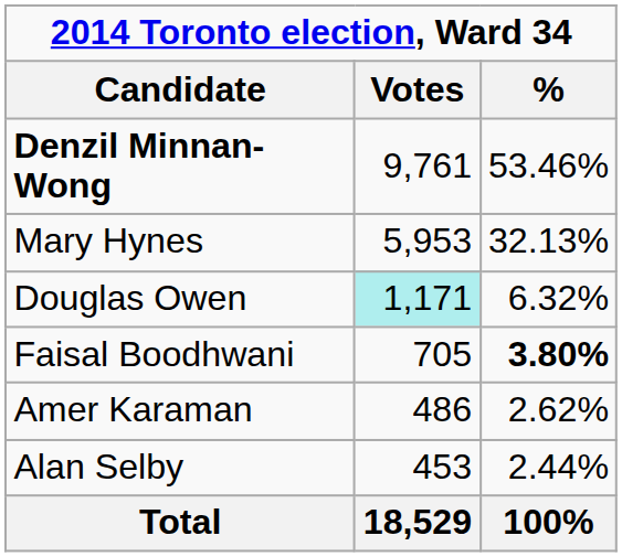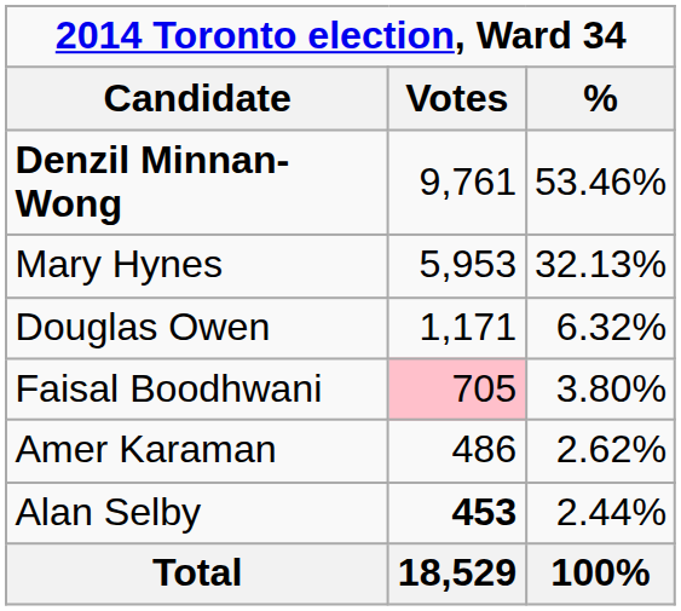 <table class="wikitable">
 <tr>
 <td Colspan="3" align="center"><strong><a href='#'>2014 Toronto election</a>, Ward 34</strong></td>
 </tr>
 <tr>
 <th bgcolor="#DDDDFF" width="150px">Candidate</th>
 <th bgcolor="#DDDDFF">Votes</th>
 <th bgcolor="#DDDDFF">%</th>
 </tr>
 <tr>
 <td><strong>Denzil Minnan-Wong</strong></td>
 <td align=right>9,761</td>
 <td align=right>53.46%</td>
 </tr>
 <tr>
 <td>Mary Hynes</td>
 <td align=right>5,953</td>
 <td align=right>32.13%</td>
 </tr>
 <tr>
 <td>Douglas Owen</td>
-<td align=right style="background: paleturquoise;">1,171</td>
+<td align=right>1,171</td>
 <td align=right>6.32%</td>
 </tr>
 <tr>
 <td>Faisal Boodhwani</td>
-<td align=right>705</td>
-<td align=right><strong>3.80%</strong></td>
+<td align=right style="background: pink;">705</td>
+<td align=right>3.80%</td>
 </tr>
 <tr>
 <td>Amer Karaman</td>
 <td align=right>486</td>
 <td align=right>2.62%</td>
 </tr>
 <tr>
 <td>Alan Selby</td>
-<td align=right>453</td>
+<td align=right><strong>453</strong></td>
 <td align=right>2.44%</td>
 </tr>
 <tr>
 <th>Total</th>
 <th align=right>18,529</th>
 <th align=right>100%</th>
 </tr>
 </table>
